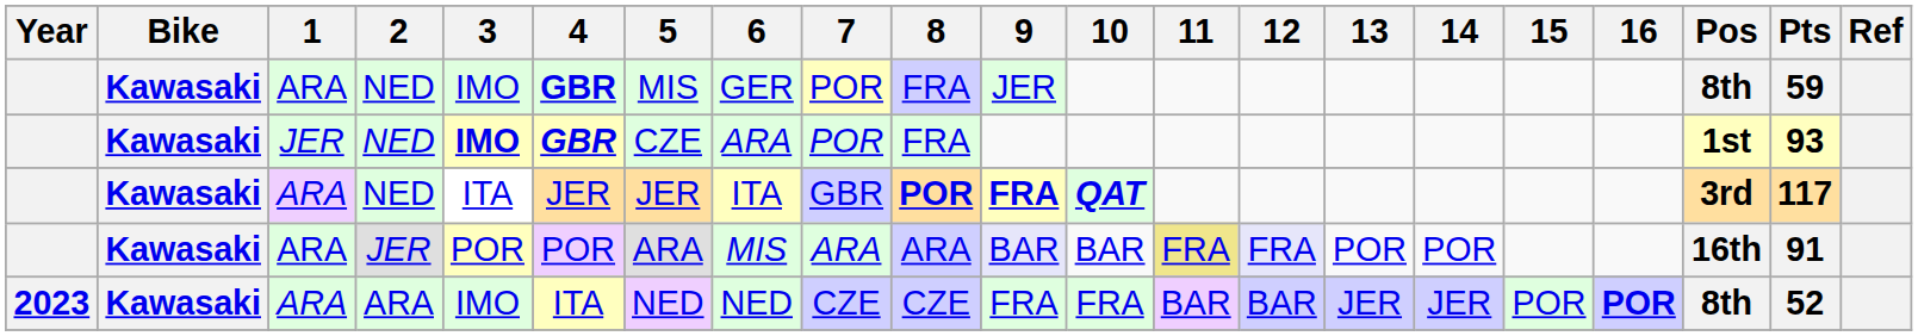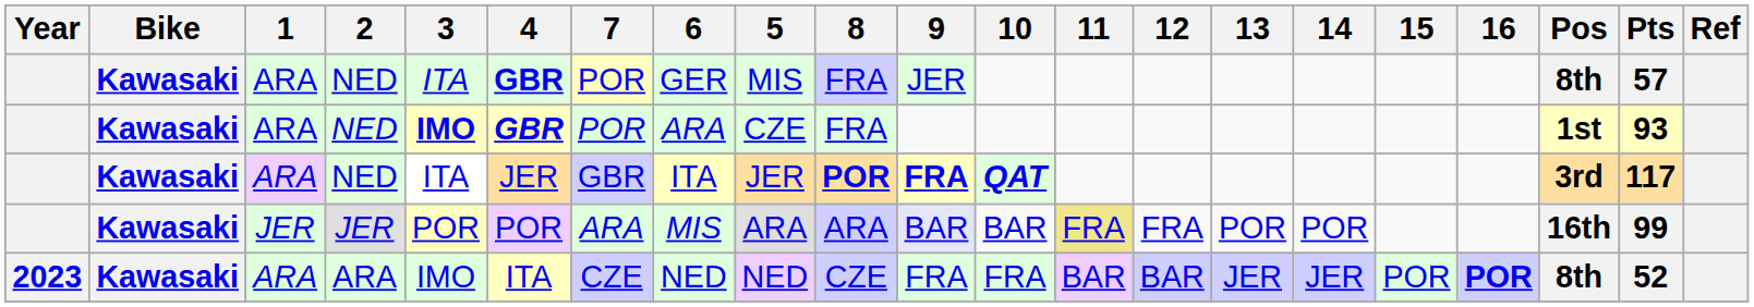 <table class="wikitable" style="text-align:center;">
 <tr>
 <th scope="col">Year</th>
 <th scope="col">Bike</th>
 <th scope="col">1</th>
 <th scope="col">2</th>
 <th scope="col">3</th>
 <th scope="col">4</th>
+<th scope="col">7</th>
+<th scope="col">6</th>
 <th scope="col">5</th>
-<th scope="col">6</th>
-<th scope="col">7</th>
 <th scope="col">8</th>
 <th scope="col">9</th>
 <th scope="col">10</th>
 <th scope="col">11</th>
 <th scope="col">12</th>
 <th scope="col">13</th>
 <th scope="col">14</th>
 <th scope="col">15</th>
 <th scope="col">16</th>
 <th scope="col">Pos</th>
 <th scope="col">Pts</th>
 <th scope="col">Ref</th>
 </tr>
 <tr>
 <th scope="row"></th>
 <th><a href='#'>Kawasaki</a></th>
 <td style="background:#dfffdf;"><a href='#'>ARA</a><br></td>
 <td style="background:#dfffdf;"><a href='#'>NED</a><br></td>
-<td style="background:#dfffdf;"><a href='#'>IMO</a><br></td>
+<td style="background:#dfffdf;"><em><a href='#'>ITA</a></em><br></td>
 <td style="background:#dfffdf;"><strong><a href='#'>GBR</a><br></strong></td>
+<td style="background:#ffffbf;"><a href='#'>POR</a><br></td>
+<td style="background:#dfffdf;"><a href='#'>GER</a><br></td>
 <td style="background:#dfffdf;"><a href='#'>MIS</a><br></td>
-<td style="background:#dfffdf;"><a href='#'>GER</a><br></td>
-<td style="background:#ffffbf;"><a href='#'>POR</a><br></td>
 <td style="background:#cfcfff;"><a href='#'>FRA</a><br></td>
 <td style="background:#dfffdf;"><a href='#'>JER</a><br></td>
 <td></td>
 <td></td>
 <td></td>
 <td></td>
 <td></td>
 <td></td>
 <td></td>
 <th>8th</th>
-<th>59</th>
+<th>57</th>
 <th></th>
 </tr>
 <tr>
 <th scope="row"></th>
 <th><a href='#'>Kawasaki</a></th>
-<td style="background:#dfffdf;"><em><a href='#'>JER</a></em><br></td>
+<td style="background:#dfffdf;"><a href='#'>ARA</a><br></td>
 <td style="background:#dfffdf;"><em><a href='#'>NED</a></em><br></td>
 <td style="background:#ffffbf;"><strong><a href='#'>IMO</a></strong><br></td>
 <td style="background:#ffffbf;"><strong><em><a href='#'>GBR</a></em></strong><br></td>
+<td style="background:#dfffdf;"><em><a href='#'>POR</a></em><br></td>
+<td style="background:#dfffdf;"><em><a href='#'>ARA</a></em><br></td>
 <td style="background:#dfffdf;"><a href='#'>CZE</a><br></td>
-<td style="background:#dfffdf;"><em><a href='#'>ARA</a></em><br></td>
-<td style="background:#dfffdf;"><em><a href='#'>POR</a></em><br></td>
 <td style="background:#dfffdf;"><a href='#'>FRA</a><br></td>
 <td></td>
 <td></td>
 <td></td>
 <td></td>
 <td></td>
 <td></td>
 <td></td>
 <td></td>
 <th style="background:#ffffbf;">1st</th>
 <th style="background:#ffffbf;">93</th>
 <th></th>
 </tr>
 <tr>
 <th scope="row"></th>
 <th><a href='#'>Kawasaki</a></th>
 <td style="background:#efcfff;"><em><a href='#'>ARA</a></em><br></td>
 <td style="background:#dfffdf;"><a href='#'>NED</a><br></td>
 <td style="background:#ffffff;"><a href='#'>ITA</a><br></td>
 <td style="background:#ffdf9f;"><a href='#'>JER</a><br></td>
+<td style="background:#cfcfff;"><a href='#'>GBR</a><br></td>
+<td style="background:#ffffbf;"><a href='#'>ITA</a><br></td>
 <td style="background:#ffdf9f;"><a href='#'>JER</a><br></td>
-<td style="background:#ffffbf;"><a href='#'>ITA</a><br></td>
-<td style="background:#cfcfff;"><a href='#'>GBR</a><br></td>
 <td style="background:#ffdf9f;"><strong><a href='#'>POR</a><br></strong></td>
 <td style="background:#ffffbf;"><strong><a href='#'>FRA</a><br></strong></td>
 <td style="background:#dfffdf;"><strong><em><a href='#'>QAT</a></em></strong><br></td>
 <td></td>
 <td></td>
 <td></td>
 <td></td>
 <td></td>
 <td></td>
 <th style="background:#ffdf9f;">3rd</th>
 <th style="background:#ffdf9f;">117</th>
 <th></th>
 </tr>
 <tr>
 <th scope="row"></th>
 <th><a href='#'>Kawasaki</a></th>
-<td style="background:#dfffdf;"><a href='#'>ARA</a><br></td>
+<td style="background:#dfffdf;"><em><a href='#'>JER</a></em><br></td>
 <td style="background:#dfdfdf;"><em><a href='#'>JER</a></em><br></td>
 <td style="background:#ffffbf;"><a href='#'>POR</a><br></td>
 <td style="background:#efcfff;"><a href='#'>POR</a><br></td>
+<td style="background:#dfffdf;"><em><a href='#'>ARA</a></em><br></td>
+<td style="background:#dfffdf;"><em><a href='#'>MIS</a></em><br></td>
 <td style="background:#dfdfdf;"><a href='#'>ARA</a><br></td>
-<td style="background:#dfffdf;"><em><a href='#'>MIS</a></em><br></td>
-<td style="background:#dfffdf;"><em><a href='#'>ARA</a></em><br></td>
 <td style="background:#cfcfff;"><a href='#'>ARA</a><br></td>
 <td style="background: lavender;"><a href='#'>BAR</a></td>
 <td><a href='#'>BAR</a></td>
 <td style="background: khaki;"><a href='#'>FRA</a></td>
-<td style="background: lavender;"><a href='#'>FRA</a></td>
+<td><a href='#'>FRA</a></td>
 <td><a href='#'>POR</a></td>
 <td><a href='#'>POR</a></td>
 <td></td>
 <td></td>
 <th>16th</th>
-<th>91</th>
+<th>99</th>
 <th></th>
 </tr>
 <tr>
 <th scope=row><a href='#'>2023</a></th>
 <th><a href='#'>Kawasaki</a></th>
 <td style="background:#dfffdf;"><em><a href='#'>ARA</a></em><br></td>
 <td style="background:#dfffdf;"><a href='#'>ARA</a><br></td>
 <td style="background:#dfffdf;"><a href='#'>IMO</a><br></td>
 <td style="background:#ffffbf;"><a href='#'>ITA</a><br></td>
+<td style="background:#cfcfff;"><a href='#'>CZE</a><br></td>
+<td style="background:#dfffdf;"><a href='#'>NED</a><br></td>
 <td style="background:#efcfff;"><a href='#'>NED</a><br></td>
-<td style="background:#dfffdf;"><a href='#'>NED</a><br></td>
-<td style="background:#cfcfff;"><a href='#'>CZE</a><br></td>
 <td style="background:#cfcfff;"><a href='#'>CZE</a><br></td>
 <td style="background:#dfffdf;"><a href='#'>FRA</a><br></td>
 <td style="background:#dfffdf;"><a href='#'>FRA</a><br></td>
 <td style="background:#efcfff;"><a href='#'>BAR</a><br></td>
 <td style="background:#cfcfff;"><a href='#'>BAR</a><br></td>
 <td style="background:#cfcfff;"><a href='#'>JER</a><br></td>
 <td style="background:#cfcfff;"><a href='#'>JER</a><br></td>
 <td style="background:#dfffdf;"><a href='#'>POR</a><br></td>
 <td style="background:#cfcfff;"><strong><a href='#'>POR</a><br></strong></td>
 <th>8th</th>
 <th>52</th>
 <th></th>
 </tr>
 </table>
